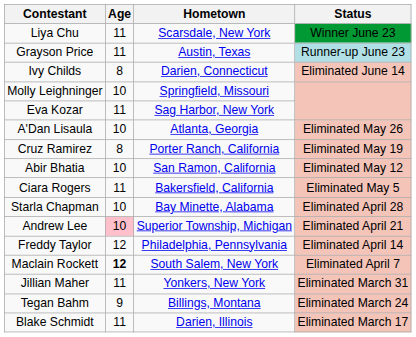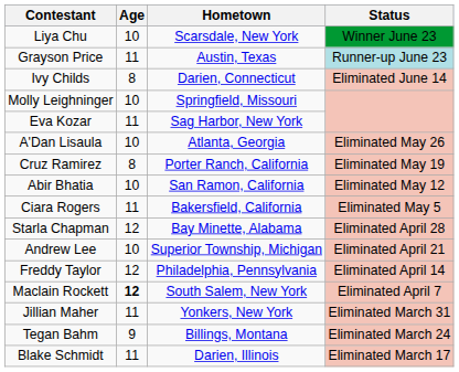 <table class="wikitable sortable plainrowheaders" style="text-align:center">
 <tr style="background:#C1D8FF;">
 <th>Contestant</th>
 <th>Age</th>
 <th>Hometown</th>
 <th>Status</th>
 </tr>
 <tr>
 <td>Liya Chu</td>
-<td>11</td>
+<td>10</td>
 <td><a href='#'>Scarsdale, New York</a></td>
 <td style="background:#093;"><span>Winner June 23</span></td>
 </tr>
 <tr>
 <td>Grayson Price</td>
 <td>11</td>
 <td><a href='#'>Austin, Texas</a></td>
 <td style="background:#B0E0E6; text'align:center;">Runner-up June 23</td>
 </tr>
 <tr>
 <td>Ivy Childs</td>
 <td>8</td>
 <td><a href='#'>Darien, Connecticut</a></td>
 <td style="background:#f4c4b8; text-align:center;">Eliminated June 14</td>
 </tr>
 <tr>
 <td>Molly Leighninger</td>
 <td>10</td>
 <td><a href='#'>Springfield, Missouri</a></td>
 <td style="background:#f4c4b8; text'align:center;" rowspan="2"></td>
 </tr>
 <tr>
 <td>Eva Kozar</td>
 <td>11</td>
 <td><a href='#'>Sag Harbor, New York</a></td>
 </tr>
 <tr>
 <td>A'Dan Lisaula</td>
 <td>10</td>
 <td><a href='#'>Atlanta, Georgia</a></td>
 <td style="background:#f4c4b8; text-align:center;">Eliminated May 26</td>
 </tr>
 <tr>
 <td>Cruz Ramirez</td>
 <td>8</td>
 <td><a href='#'>Porter Ranch, California</a></td>
 <td style="background:#f4c4b8; text-align:center;">Eliminated May 19</td>
 </tr>
 <tr>
 <td>Abir Bhatia</td>
 <td>10</td>
 <td><a href='#'>San Ramon, California</a></td>
 <td style="background:#f4c4b8; text-align:center;">Eliminated May 12</td>
 </tr>
 <tr>
 <td>Ciara Rogers</td>
 <td>11</td>
 <td><a href='#'>Bakersfield, California</a></td>
 <td style="background:#f4c4b8; text-align:center;">Eliminated May 5</td>
 </tr>
 <tr>
 <td>Starla Chapman</td>
-<td>10</td>
+<td>12</td>
 <td><a href='#'>Bay Minette, Alabama</a></td>
 <td style="background:#f4c4b8; text-align:center;">Eliminated April 28</td>
 </tr>
 <tr>
 <td>Andrew Lee</td>
-<td style="background: pink;">10</td>
+<td>10</td>
 <td><a href='#'>Superior Township, Michigan</a></td>
 <td style="background:#f4c4b8; text-align:center;">Eliminated April 21</td>
 </tr>
 <tr>
 <td>Freddy Taylor</td>
 <td>12</td>
 <td><a href='#'>Philadelphia, Pennsylvania</a></td>
 <td style="background:#f4c4b8; text-align:center;">Eliminated April 14</td>
 </tr>
 <tr>
 <td>Maclain Rockett</td>
 <td><strong>12</strong></td>
 <td><a href='#'>South Salem, New York</a></td>
 <td style="background:#f4c4b8; text-align:center;">Eliminated April 7</td>
 </tr>
 <tr>
 <td>Jillian Maher</td>
 <td>11</td>
 <td><a href='#'>Yonkers, New York</a></td>
 <td style="background:#f4c4b8; text-align:center;">Eliminated March 31</td>
 </tr>
 <tr>
 <td>Tegan Bahm</td>
 <td>9</td>
 <td><a href='#'>Billings, Montana</a></td>
 <td style="background:#f4c4b8; text-align:center;">Eliminated March 24</td>
 </tr>
 <tr>
 <td>Blake Schmidt</td>
 <td>11</td>
 <td><a href='#'>Darien, Illinois</a></td>
 <td style="background:#f4c4b8; text-align:center;">Eliminated March 17</td>
 </tr>
 </table>
